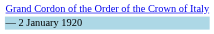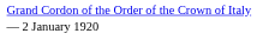 <table>
 <tr>
 <td rowspan=2 style="width:60px; vertical-align:top;"></td>
 <td><a href='#'>Grand Cordon of the Order of the Crown of Italy</a></td>
 </tr>
 <tr>
-<td style="background: lightblue;">— 2 January 1920</td>
+<td>— 2 January 1920</td>
 </tr>
 </table>
